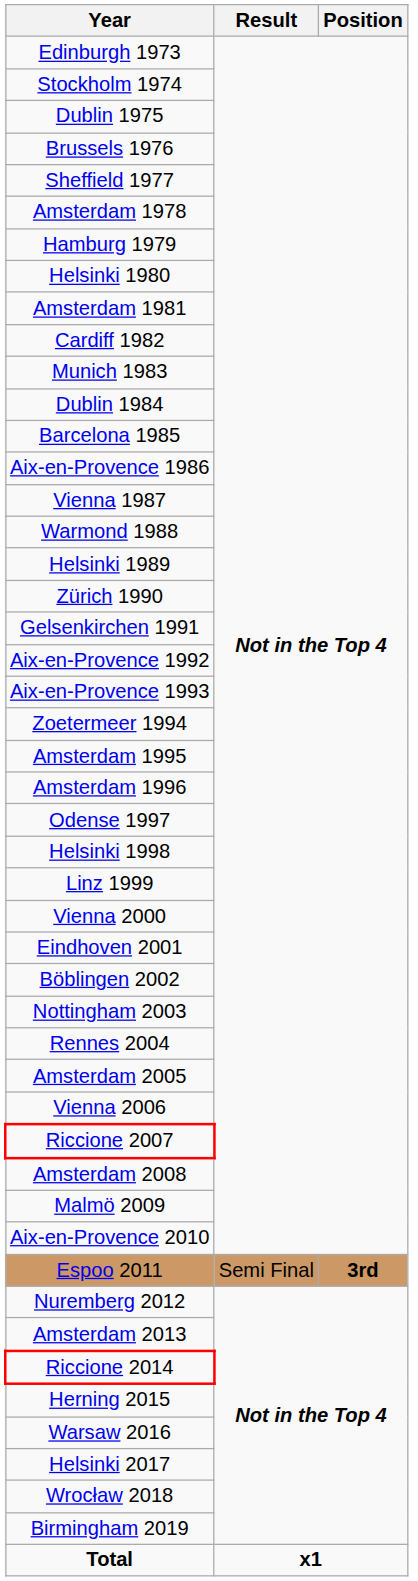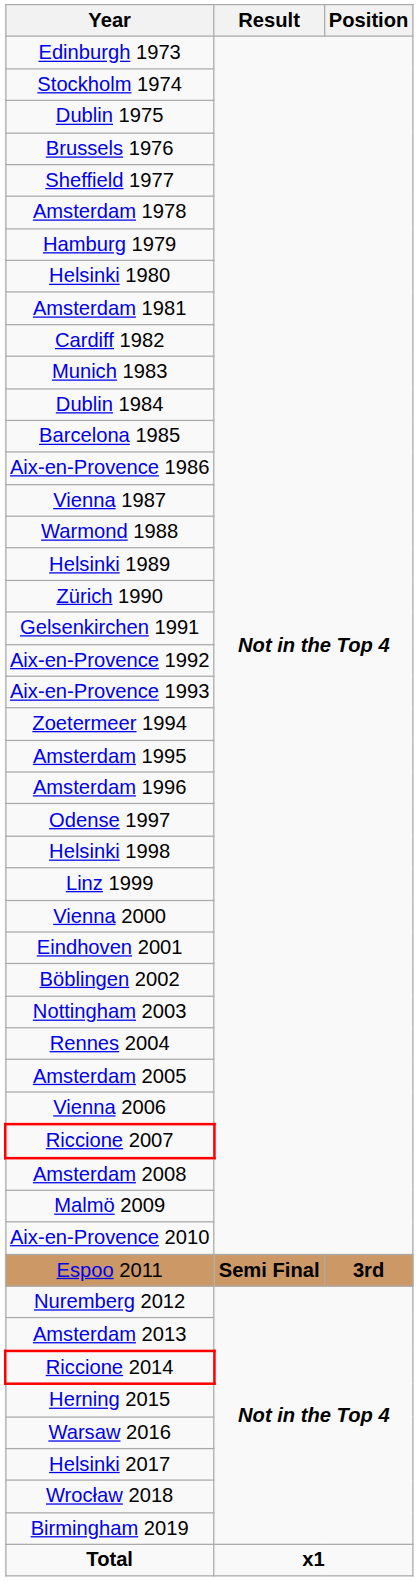 <table class="wikitable" style="text-align: center;">
 <tr>
 <th>Year</th>
 <th>Result</th>
 <th>Position</th>
 </tr>
 <tr>
 <td> <a href='#'>Edinburgh</a> 1973</td>
 <td rowspan="38" colspan="2" align="center"><strong><em>Not in the Top 4</em></strong></td>
 </tr>
 <tr>
 <td> <a href='#'>Stockholm</a> 1974</td>
 </tr>
 <tr>
 <td> <a href='#'>Dublin</a> 1975</td>
 </tr>
 <tr>
 <td> <a href='#'>Brussels</a> 1976</td>
 </tr>
 <tr>
 <td> <a href='#'>Sheffield</a> 1977</td>
 </tr>
 <tr>
 <td> <a href='#'>Amsterdam</a> 1978</td>
 </tr>
 <tr>
 <td> <a href='#'>Hamburg</a> 1979</td>
 </tr>
 <tr>
 <td> <a href='#'>Helsinki</a> 1980</td>
 </tr>
 <tr>
 <td> <a href='#'>Amsterdam</a> 1981</td>
 </tr>
 <tr>
 <td> <a href='#'>Cardiff</a> 1982</td>
 </tr>
 <tr>
 <td> <a href='#'>Munich</a> 1983</td>
 </tr>
 <tr>
 <td> <a href='#'>Dublin</a> 1984</td>
 </tr>
 <tr>
 <td> <a href='#'>Barcelona</a> 1985</td>
 </tr>
 <tr>
 <td> <a href='#'>Aix-en-Provence</a> 1986</td>
 </tr>
 <tr>
 <td> <a href='#'>Vienna</a> 1987</td>
 </tr>
 <tr>
 <td> <a href='#'>Warmond</a> 1988</td>
 </tr>
 <tr>
 <td> <a href='#'>Helsinki</a> 1989</td>
 </tr>
 <tr>
 <td> <a href='#'>Zürich</a> 1990</td>
 </tr>
 <tr>
 <td> <a href='#'>Gelsenkirchen</a> 1991</td>
 </tr>
 <tr>
 <td> <a href='#'>Aix-en-Provence</a> 1992</td>
 </tr>
 <tr>
 <td> <a href='#'>Aix-en-Provence</a> 1993</td>
 </tr>
 <tr>
 <td> <a href='#'>Zoetermeer</a> 1994</td>
 </tr>
 <tr>
 <td> <a href='#'>Amsterdam</a> 1995</td>
 </tr>
 <tr>
 <td> <a href='#'>Amsterdam</a> 1996</td>
 </tr>
 <tr>
 <td> <a href='#'>Odense</a> 1997</td>
 </tr>
 <tr>
 <td> <a href='#'>Helsinki</a> 1998</td>
 </tr>
 <tr>
 <td> <a href='#'>Linz</a> 1999</td>
 </tr>
 <tr>
 <td> <a href='#'>Vienna</a> 2000</td>
 </tr>
 <tr>
 <td> <a href='#'>Eindhoven</a> 2001</td>
 </tr>
 <tr>
 <td> <a href='#'>Böblingen</a> 2002</td>
 </tr>
 <tr>
 <td> <a href='#'>Nottingham</a> 2003</td>
 </tr>
 <tr>
 <td> <a href='#'>Rennes</a> 2004</td>
 </tr>
 <tr>
 <td> <a href='#'>Amsterdam</a> 2005</td>
 </tr>
 <tr>
 <td> <a href='#'>Vienna</a> 2006</td>
 </tr>
 <tr>
 <td style="border: 2px solid red"> <a href='#'>Riccione</a> 2007</td>
 </tr>
 <tr>
 <td> <a href='#'>Amsterdam</a> 2008</td>
 </tr>
 <tr>
 <td> <a href='#'>Malmö</a> 2009</td>
 </tr>
 <tr>
 <td> <a href='#'>Aix-en-Provence</a> 2010</td>
 </tr>
 <tr style="background:#c96;">
 <td> <a href='#'>Espoo</a> 2011</td>
-<td>Semi Final</td>
+<td><strong>Semi Final</strong></td>
 <td><strong>3rd</strong></td>
 </tr>
 <tr>
 <td> <a href='#'>Nuremberg</a> 2012</td>
 <td rowspan="8" colspan="2" align="center"><strong><em>Not in the Top 4</em></strong></td>
 </tr>
 <tr>
 <td> <a href='#'>Amsterdam</a> 2013</td>
 </tr>
 <tr>
 <td style="border: 2px solid red"> <a href='#'>Riccione</a> 2014</td>
 </tr>
 <tr>
 <td> <a href='#'>Herning</a> 2015</td>
 </tr>
 <tr>
 <td> <a href='#'>Warsaw</a> 2016</td>
 </tr>
 <tr>
 <td> <a href='#'>Helsinki</a> 2017</td>
 </tr>
 <tr>
 <td> <a href='#'>Wrocław</a> 2018</td>
 </tr>
 <tr>
 <td> <a href='#'>Birmingham</a> 2019</td>
 </tr>
 <tr>
 <td><strong>Total</strong></td>
 <td rowspan="1" colspan="2" align="center"><strong>x1</strong></td>
 </tr>
 </table>
